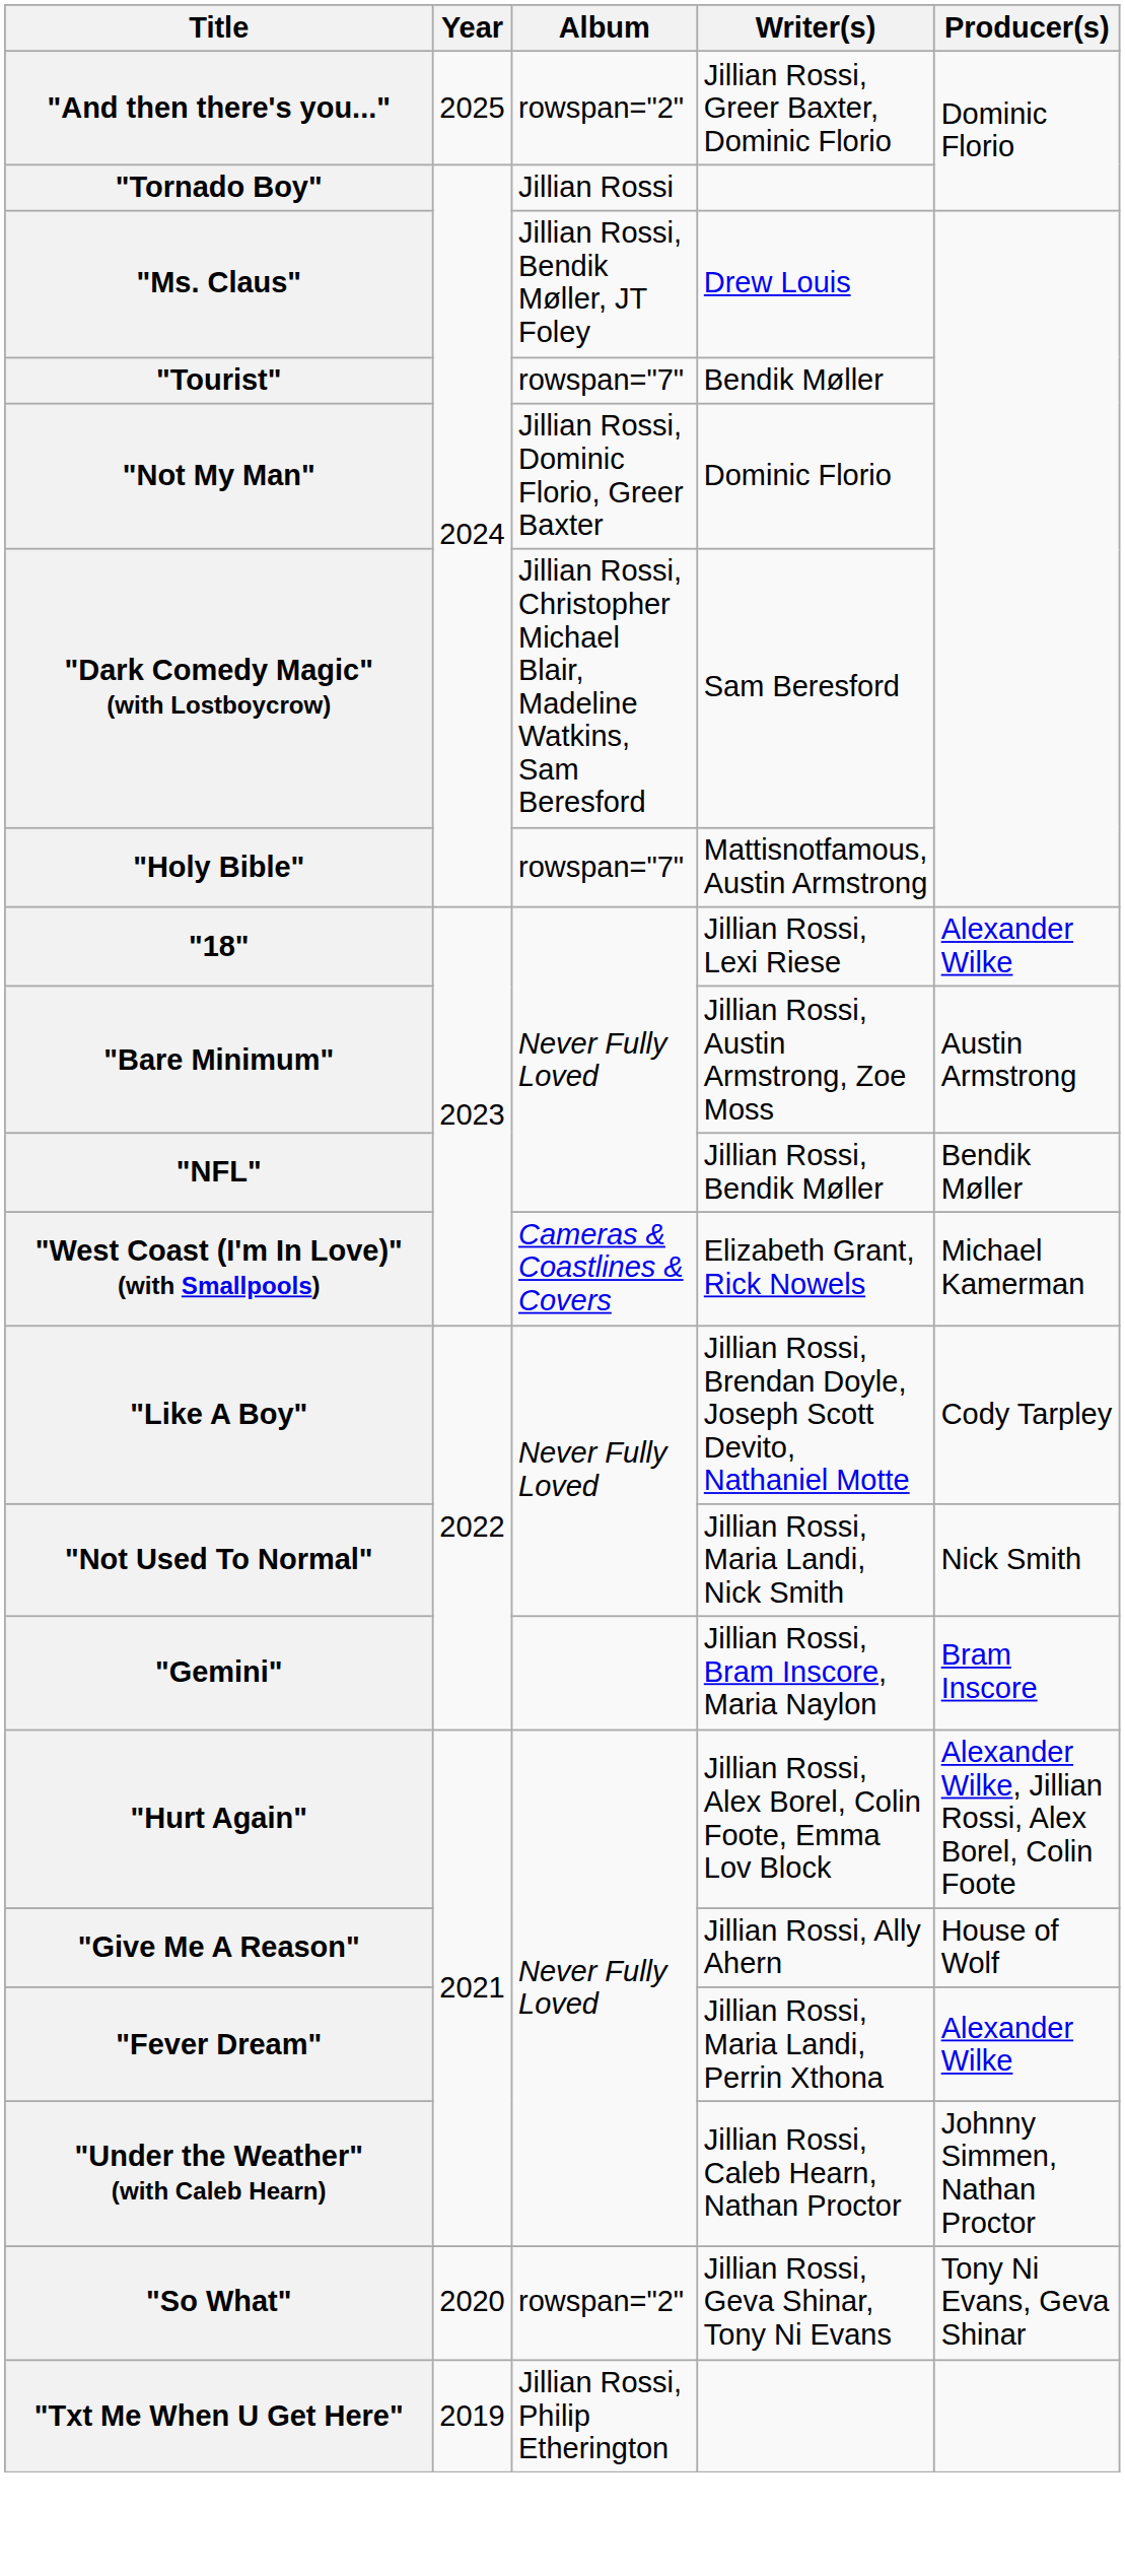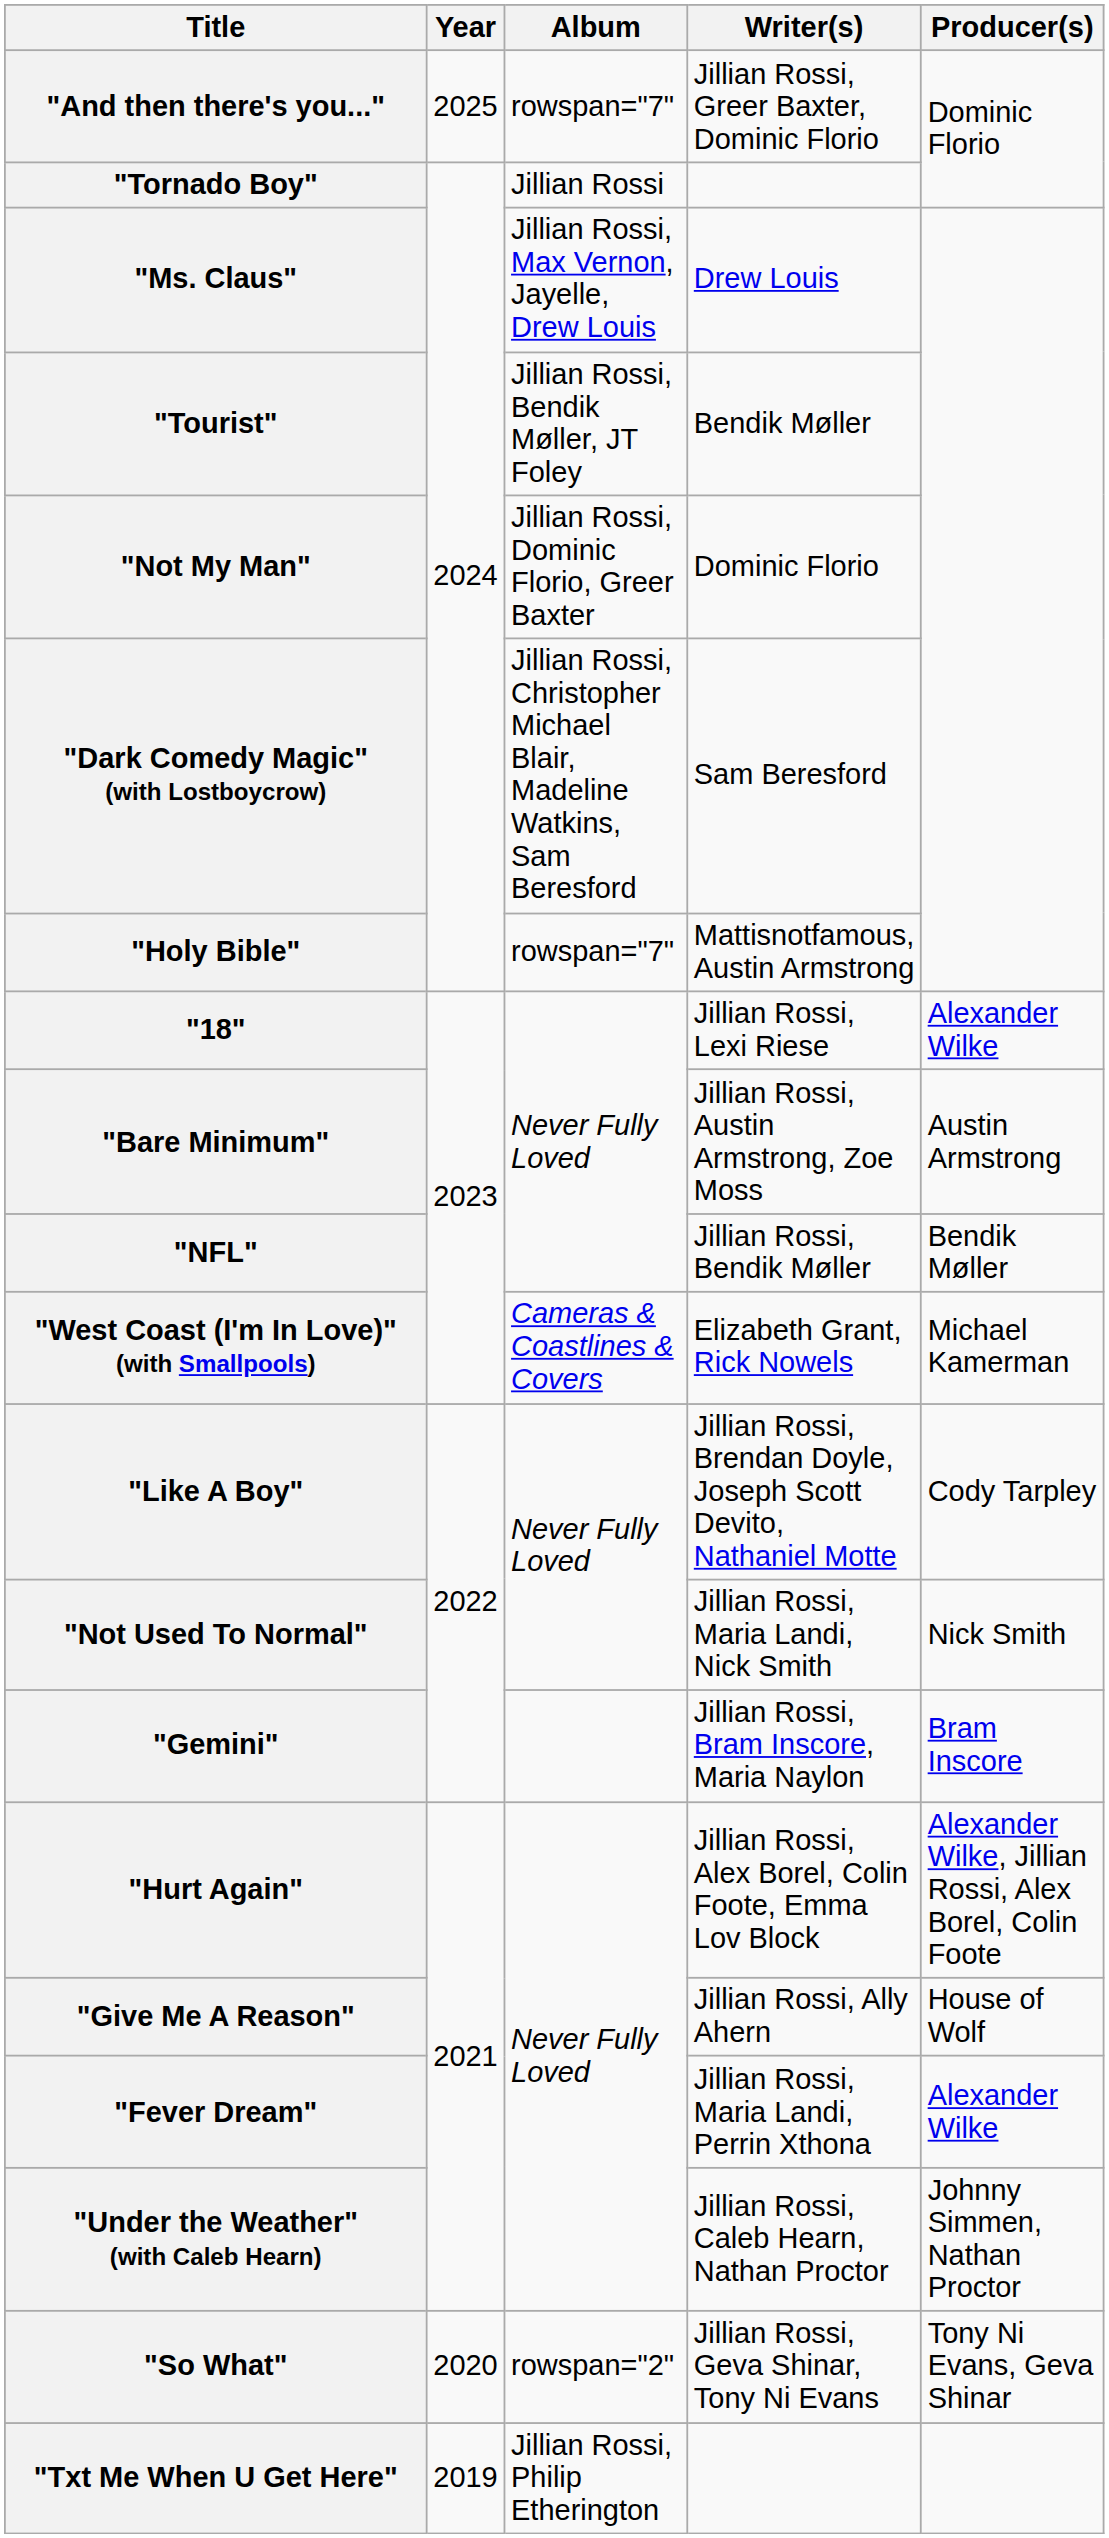 <table class="wikitable plainrowheaders" style="text-align:left;">
 <tr>
 <th scope="col"  style="width:20em;">Title</th>
 <th scope="col"  style="width:2em;">Year</th>
 <th scope="col"  style="width:6em;">Album</th>
 <th scope="col"  style="width:6em;">Writer(s)</th>
 <th scope="col"  style="width:6em;">Producer(s)</th>
 </tr>
 <tr>
 <th scope="row">"And then there's you..."</th>
 <td>2025</td>
-<td>rowspan="2"</td>
+<td>rowspan="7"</td>
 <td>Jillian Rossi, Greer Baxter, Dominic Florio</td>
 <td rowspan="2">Dominic Florio</td>
 </tr>
 <tr>
 <th scope="row">"Tornado Boy"</th>
 <td rowspan="6">2024</td>
 <td>Jillian Rossi</td>
 </tr>
 <tr>
 <th scope="row">"Ms. Claus"</th>
-<td>Jillian Rossi, Bendik Møller, JT Foley</td>
+<td>Jillian Rossi, <a href='#'>Max Vernon</a>, Jayelle, <a href='#'>Drew Louis</a></td>
 <td><a href='#'>Drew Louis</a></td>
 </tr>
 <tr>
 <th scope="row">"Tourist"</th>
-<td>rowspan="7"</td>
+<td>Jillian Rossi, Bendik Møller, JT Foley</td>
 <td>Bendik Møller</td>
 </tr>
 <tr>
 <th scope="row">"Not My Man"</th>
 <td>Jillian Rossi, Dominic Florio, Greer Baxter</td>
 <td>Dominic Florio</td>
 </tr>
 <tr>
 <th scope="row">"Dark Comedy Magic"<br><small>(with Lostboycrow)</small></th>
 <td>Jillian Rossi, Christopher Michael Blair, Madeline Watkins, Sam Beresford</td>
 <td>Sam Beresford</td>
 </tr>
 <tr>
 <th scope="row">"Holy Bible"</th>
 <td>rowspan="7"</td>
 <td>Mattisnotfamous, Austin Armstrong</td>
 </tr>
 <tr>
 <th scope="row">"18"</th>
 <td rowspan="4">2023</td>
 <td rowspan="3"><em>Never Fully Loved</em></td>
 <td>Jillian Rossi, Lexi Riese</td>
 <td><a href='#'>Alexander Wilke</a></td>
 </tr>
 <tr>
 <th scope="row">"Bare Minimum"</th>
 <td>Jillian Rossi, Austin Armstrong, Zoe Moss</td>
 <td>Austin Armstrong</td>
 </tr>
 <tr>
 <th scope="row">"NFL"</th>
 <td>Jillian Rossi, Bendik Møller</td>
 <td>Bendik Møller</td>
 </tr>
 <tr>
 <th scope="row">"West Coast (I'm In Love)"<br><small>(with <a href='#'>Smallpools</a>)</small></th>
 <td><em><a href='#'>Cameras & Coastlines & Covers</a></em></td>
 <td>Elizabeth Grant, <a href='#'>Rick Nowels</a></td>
 <td>Michael Kamerman</td>
 </tr>
 <tr>
 <th scope="row">"Like A Boy"</th>
 <td rowspan="3">2022</td>
 <td rowspan="2"><em>Never Fully Loved</em></td>
 <td>Jillian Rossi, Brendan Doyle, Joseph Scott Devito, <a href='#'>Nathaniel Motte</a></td>
 <td>Cody Tarpley</td>
 </tr>
 <tr>
 <th scope="row">"Not Used To Normal"</th>
 <td>Jillian Rossi, Maria Landi, Nick Smith</td>
 <td>Nick Smith</td>
 </tr>
 <tr>
 <th scope="row">"Gemini"</th>
 <td></td>
 <td>Jillian Rossi, <a href='#'>Bram Inscore</a>, Maria Naylon</td>
 <td><a href='#'>Bram Inscore</a></td>
 </tr>
 <tr>
 <th scope="row">"Hurt Again"</th>
 <td rowspan="4">2021</td>
 <td rowspan="4"><em>Never Fully Loved</em></td>
 <td>Jillian Rossi, Alex Borel, Colin Foote, Emma Lov Block</td>
 <td><a href='#'>Alexander Wilke</a>, Jillian Rossi, Alex Borel, Colin Foote</td>
 </tr>
 <tr>
 <th scope="row">"Give Me A Reason"</th>
 <td>Jillian Rossi, Ally Ahern</td>
 <td>House of Wolf</td>
 </tr>
 <tr>
 <th scope="row">"Fever Dream"</th>
 <td>Jillian Rossi, Maria Landi, Perrin Xthona</td>
 <td><a href='#'>Alexander Wilke</a></td>
 </tr>
 <tr>
 <th scope="row">"Under the Weather"<br><small>(with Caleb Hearn)</small></th>
 <td>Jillian Rossi, Caleb Hearn, Nathan Proctor</td>
 <td>Johnny Simmen, Nathan Proctor</td>
 </tr>
 <tr>
 <th scope="row">"So What"</th>
 <td>2020</td>
 <td>rowspan="2"</td>
 <td>Jillian Rossi, Geva Shinar, Tony Ni Evans</td>
 <td>Tony Ni Evans, Geva Shinar</td>
 </tr>
 <tr>
 <th scope="row">"Txt Me When U Get Here"</th>
 <td>2019</td>
 <td>Jillian Rossi, Philip Etherington</td>
 <td></td>
 </tr>
 </table>
